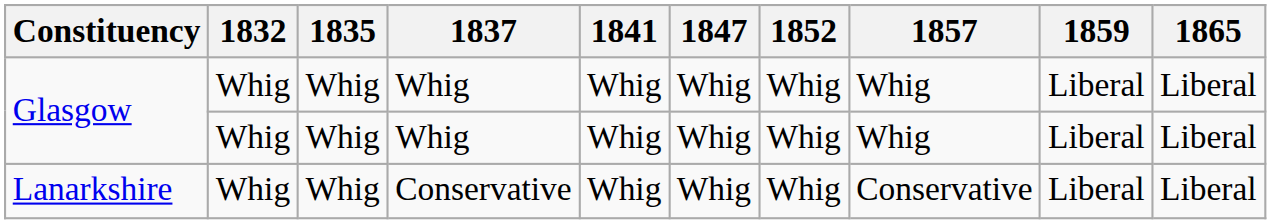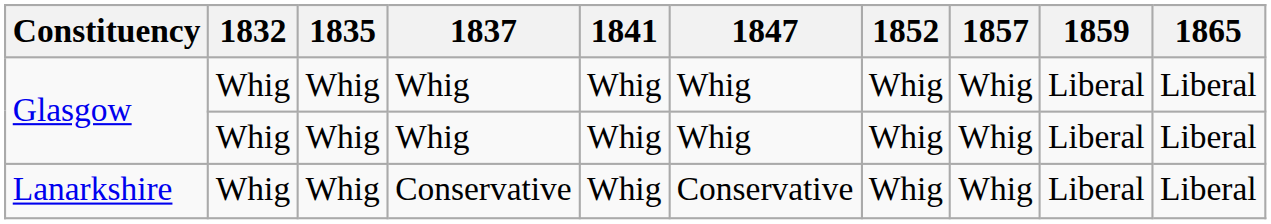 <table class=wikitable sortable>
 <tr>
 <th>Constituency</th>
 <th>1832</th>
 <th>1835</th>
 <th>1837</th>
 <th>1841</th>
 <th>1847</th>
 <th>1852</th>
 <th>1857</th>
 <th>1859</th>
 <th>1865</th>
 </tr>
 <tr>
 <td rowspan="2"><a href='#'>Glasgow</a></td>
 <td bgcolor=>Whig</td>
 <td bgcolor=>Whig</td>
 <td bgcolor=>Whig</td>
 <td bgcolor=>Whig</td>
 <td bgcolor=>Whig</td>
 <td bgcolor=>Whig</td>
 <td bgcolor=>Whig</td>
 <td bgcolor=>Liberal</td>
 <td bgcolor=>Liberal</td>
 </tr>
 <tr>
 <td bgcolor=>Whig</td>
 <td bgcolor=>Whig</td>
 <td bgcolor=>Whig</td>
 <td bgcolor=>Whig</td>
 <td bgcolor=>Whig</td>
 <td bgcolor=>Whig</td>
 <td bgcolor=>Whig</td>
 <td bgcolor=>Liberal</td>
 <td bgcolor=>Liberal</td>
 </tr>
 <tr>
 <td><a href='#'>Lanarkshire</a></td>
 <td>Whig</td>
 <td>Whig</td>
 <td>Conservative</td>
 <td bgcolor=>Whig</td>
+<td>Conservative</td>
 <td bgcolor=>Whig</td>
 <td bgcolor=>Whig</td>
-<td>Conservative</td>
 <td>Liberal</td>
 <td>Liberal</td>
 </tr>
 </table>
